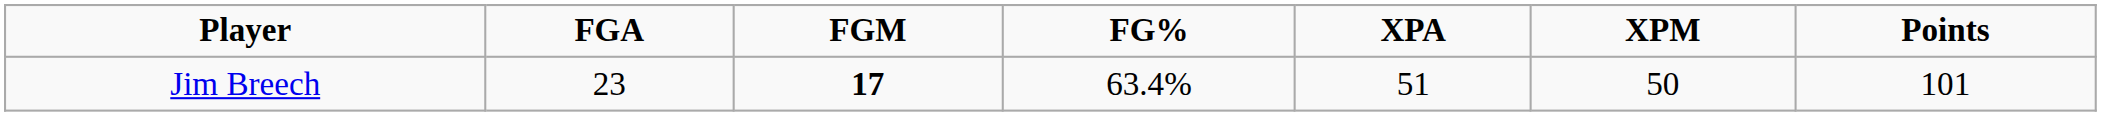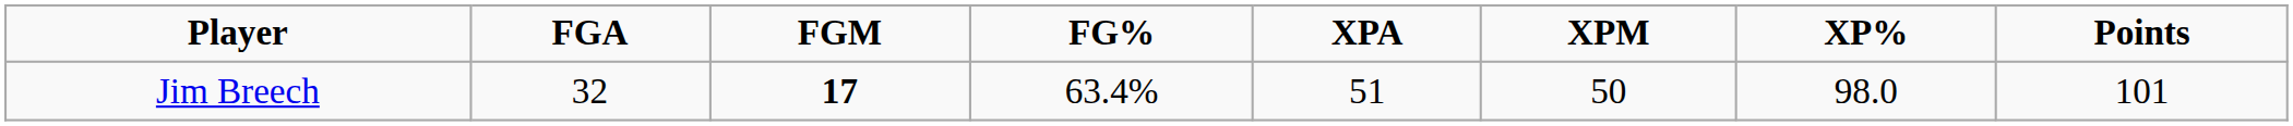 <table class="wikitable" width="80%">
 <tr align="center">
 <td><strong>Player</strong></td>
 <td><strong>FGA</strong></td>
 <td><strong>FGM</strong></td>
 <td><strong>FG%</strong></td>
 <td><strong>XPA</strong></td>
 <td><strong>XPM</strong></td>
+<td><strong>XP%</strong></td>
 <td><strong>Points</strong></td>
 </tr>
 <tr align="center" bgcolor="">
 <td><a href='#'>Jim Breech</a></td>
-<td>23</td>
+<td>32</td>
 <td><strong>17</strong></td>
 <td>63.4%</td>
 <td>51</td>
 <td>50</td>
+<td>98.0</td>
 <td>101</td>
 </tr>
 </table>
